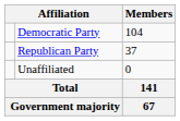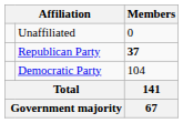 <table class="wikitable">
 <tr>
 <th colspan=2 rowspan=1 align="center" valign="top">Affiliation</th>
 <th style="vertical-align:top;">Members</th>
 </tr>
 <tr>
-<td style="background-color:"> </td>
-<td><a href='#'>Democratic Party</a></td>
-<td>104</td>
+<td></td>
+<td>Unaffiliated</td>
+<td>0</td>
 </tr>
 <tr>
 <td style="background-color:"> </td>
 <td><a href='#'>Republican Party</a></td>
-<td>37</td>
+<td><strong>37</strong></td>
 </tr>
 <tr>
-<td></td>
-<td>Unaffiliated</td>
-<td>0</td>
+<td style="background-color:"> </td>
+<td><a href='#'>Democratic Party</a></td>
+<td>104</td>
 </tr>
 <tr>
 <th colspan=2 rowspan=1> Total</th>
 <th>141</th>
 </tr>
 <tr>
 <th colspan=2 rowspan=1> Government majority</th>
 <th>67</th>
 </tr>
 </table>
